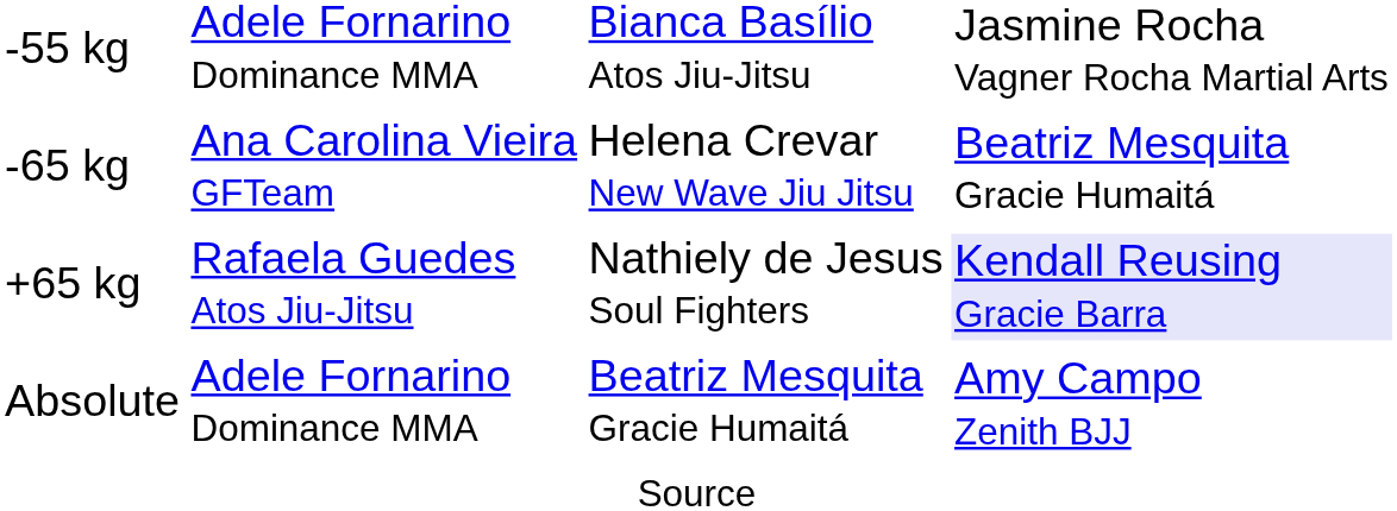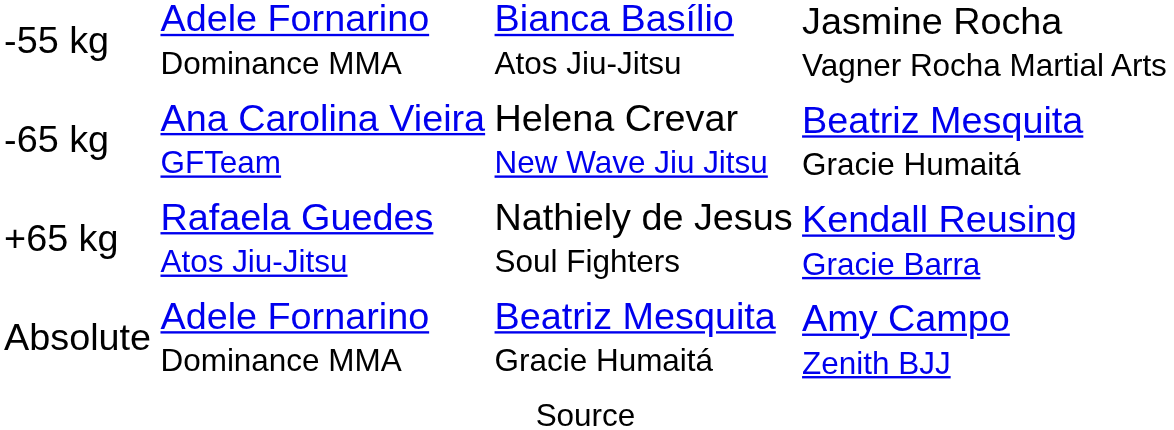 <table>
 <tr>
 <td rowspan=2>-55 kg</td>
 <td rowspan=2> <a href='#'>Adele Fornarino</a> <br><small>Dominance MMA</small></td>
 <td rowspan=2> <a href='#'>Bianca Basílio</a><br><small>Atos Jiu-Jitsu</small></td>
 </tr>
 <tr>
 <td> Jasmine Rocha<br><small>Vagner Rocha Martial Arts</small></td>
 </tr>
 <tr>
 <td rowspan=2>-65 kg</td>
 <td rowspan=2> <a href='#'>Ana Carolina Vieira</a><br><small><a href='#'>GFTeam</a></small></td>
 <td rowspan=2> Helena Crevar<br><small><a href='#'>New Wave Jiu Jitsu</a></small></td>
 </tr>
 <tr>
 <td> <a href='#'>Beatriz Mesquita</a><br><small>Gracie Humaitá</small></td>
 </tr>
 <tr>
 <td rowspan=2>+65 kg</td>
 <td rowspan=2> <a href='#'>Rafaela Guedes</a><br><small><a href='#'>Atos Jiu-Jitsu</a></small></td>
 <td rowspan=2> Nathiely de Jesus<br><small>Soul Fighters</small></td>
 </tr>
 <tr>
-<td style="background: lavender;"> <a href='#'>Kendall Reusing </a><br><small><a href='#'>Gracie Barra</a></small></td>
+<td> <a href='#'>Kendall Reusing </a><br><small><a href='#'>Gracie Barra</a></small></td>
 </tr>
 <tr>
 <td rowspan=2>Absolute</td>
 <td rowspan=2> <a href='#'>Adele Fornarino</a> <br><small>Dominance MMA</small></td>
 <td rowspan=2> <a href='#'>Beatriz Mesquita</a><br><small>Gracie Humaitá</small></td>
 </tr>
 <tr>
 <td> <a href='#'>Amy Campo</a><br><small><a href='#'>Zenith BJJ</a></small></td>
 </tr>
 <tr>
 <td colspan=4 style="text-align:center;"><small>Source</small></td>
 </tr>
 <tr>
 </tr>
 </table>
